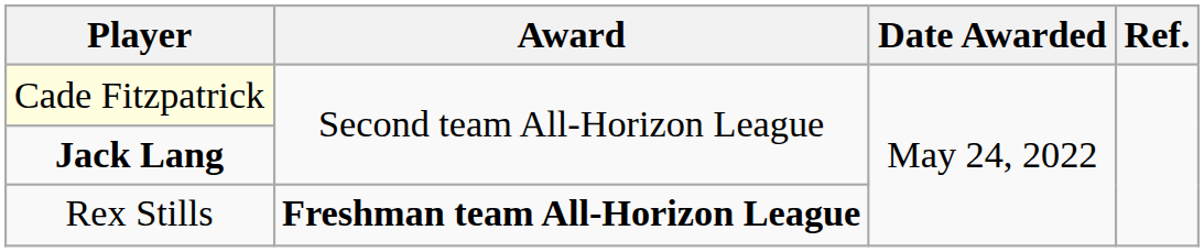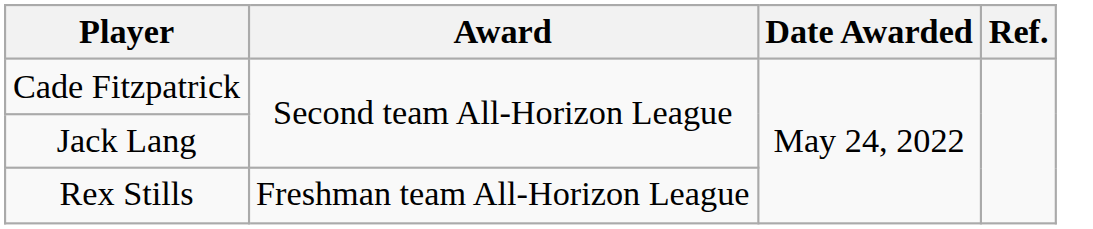 <table class="wikitable sortable sortable" style="text-align: center">
 <tr align=center>
 <th>Player</th>
 <th>Award</th>
 <th>Date Awarded</th>
 <th>Ref.</th>
 </tr>
 <tr>
-<td style="background: lightyellow;">Cade Fitzpatrick</td>
+<td>Cade Fitzpatrick</td>
 <td rowspan="2">Second team All-Horizon League</td>
 <td rowspan="7">May 24, 2022</td>
 <td rowspan="7"></td>
 </tr>
 <tr>
-<td><strong>Jack Lang</strong></td>
+<td>Jack Lang</td>
 </tr>
 <tr>
 <td>Rex Stills</td>
-<td rowspan="1"><strong>Freshman team All-Horizon League</strong></td>
+<td rowspan="1">Freshman team All-Horizon League</td>
 </tr>
 </table>
